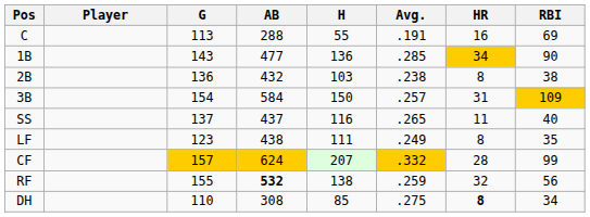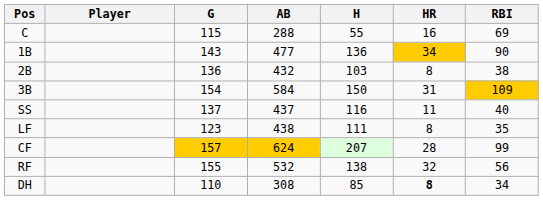 <table class="wikitable sortable">
 <tr>
 <th bgcolor="#DDDDFF" width="5%">Pos</th>
 <th bgcolor="#DDDDFF" width="16%">Player</th>
 <th bgcolor="#DDDDFF" width="9%">G</th>
 <th bgcolor="#DDDDFF" width="9%">AB</th>
 <th bgcolor="#DDDDFF" width="9%">H</th>
-<th bgcolor="#DDDDFF" width="9%">Avg.</th>
 <th bgcolor="#DDDDFF" width="9%">HR</th>
 <th bgcolor="#DDDDFF" width="9%">RBI</th>
 </tr>
 <tr align="center">
 <td>C</td>
 <td></td>
-<td>113</td>
+<td>115</td>
 <td>288</td>
 <td>55</td>
-<td>.191</td>
 <td>16</td>
 <td>69</td>
 </tr>
 <tr align="center">
 <td>1B</td>
 <td></td>
 <td>143</td>
 <td>477</td>
 <td>136</td>
-<td>.285</td>
 <td style="background:#fc0;">34</td>
 <td>90</td>
 </tr>
 <tr align="center">
 <td>2B</td>
 <td></td>
 <td>136</td>
 <td>432</td>
 <td>103</td>
-<td>.238</td>
 <td>8</td>
 <td>38</td>
 </tr>
 <tr align="center">
 <td>3B</td>
 <td></td>
 <td>154</td>
 <td>584</td>
 <td>150</td>
-<td>.257</td>
 <td>31</td>
 <td style="background:#fc0;">109</td>
 </tr>
 <tr align="center">
 <td>SS</td>
 <td></td>
 <td>137</td>
 <td>437</td>
 <td>116</td>
-<td>.265</td>
 <td>11</td>
 <td>40</td>
 </tr>
 <tr align="center">
 <td>LF</td>
 <td></td>
 <td>123</td>
 <td>438</td>
 <td>111</td>
-<td>.249</td>
 <td>8</td>
 <td>35</td>
 </tr>
 <tr align="center">
 <td>CF</td>
 <td></td>
 <td style="background:#fc0;">157</td>
 <td style="background:#fc0;">624</td>
 <td style="background:#DDFFDD;">207</td>
-<td style="background:#fc0;">.332</td>
 <td>28</td>
 <td>99</td>
 </tr>
 <tr align="center">
 <td>RF</td>
 <td></td>
 <td>155</td>
-<td><strong>532</strong></td>
+<td>532</td>
 <td>138</td>
-<td>.259</td>
 <td>32</td>
 <td>56</td>
 </tr>
 <tr align="center">
 <td>DH</td>
 <td></td>
 <td>110</td>
 <td>308</td>
 <td>85</td>
-<td>.275</td>
 <td><strong>8</strong></td>
 <td>34</td>
 </tr>
 </table>
